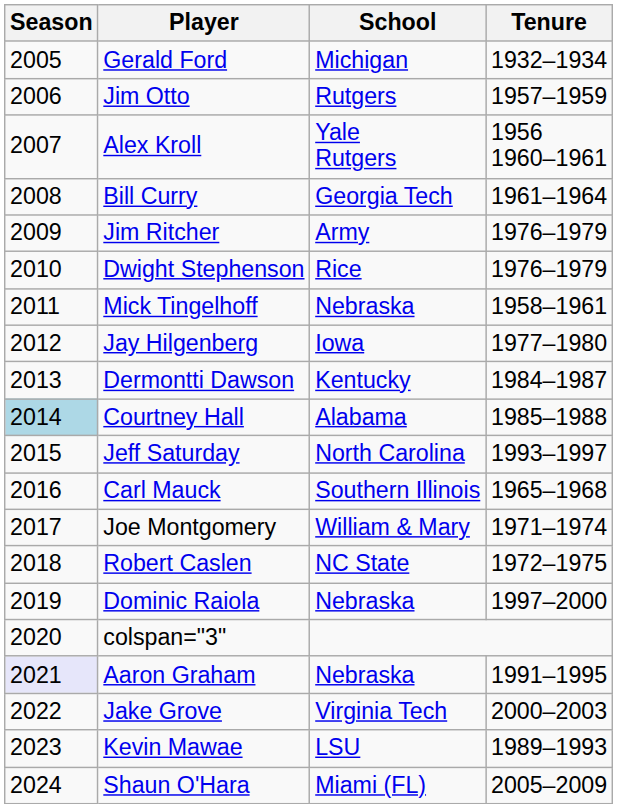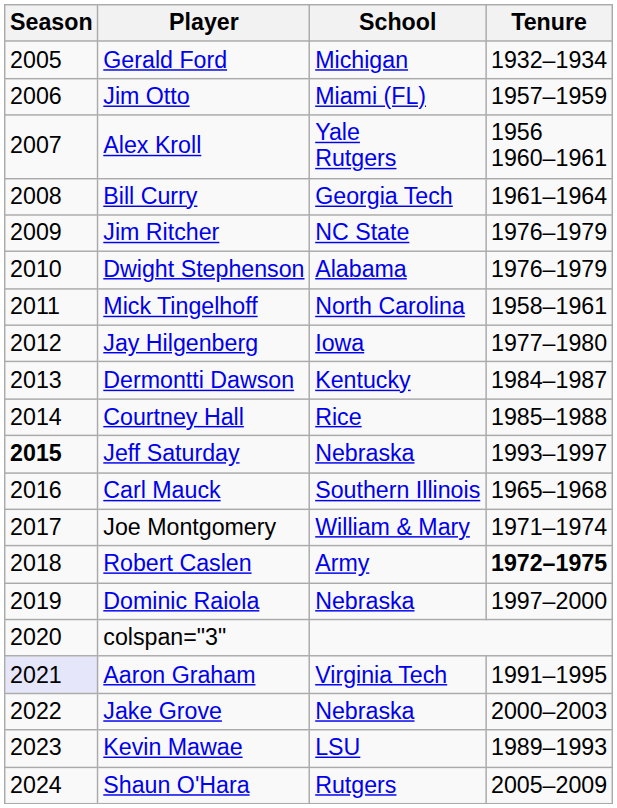 <table class="wikitable">
 <tr>
 <th bgcolor="#e5e5e5">Season</th>
 <th bgcolor="#e5e5e5">Player</th>
 <th bgcolor="#e5e5e5">School</th>
 <th bgcolor="#e5e5e5">Tenure</th>
 </tr>
 <tr>
 <td>2005</td>
 <td><a href='#'>Gerald Ford</a></td>
 <td><a href='#'>Michigan</a></td>
 <td>1932–1934</td>
 </tr>
 <tr>
 <td>2006</td>
 <td><a href='#'>Jim Otto</a></td>
-<td><a href='#'>Rutgers</a></td>
+<td><a href='#'>Miami (FL)</a></td>
 <td>1957–1959</td>
 </tr>
 <tr>
 <td>2007</td>
 <td><a href='#'>Alex Kroll</a></td>
 <td><a href='#'>Yale</a> <br> <a href='#'>Rutgers</a></td>
 <td>1956 <br> 1960–1961</td>
 </tr>
 <tr>
 <td>2008</td>
 <td><a href='#'>Bill Curry</a></td>
 <td><a href='#'>Georgia Tech</a></td>
 <td>1961–1964</td>
 </tr>
 <tr>
 <td>2009</td>
 <td><a href='#'>Jim Ritcher</a></td>
-<td><a href='#'>Army</a></td>
+<td><a href='#'>NC State</a></td>
 <td>1976–1979</td>
 </tr>
 <tr>
 <td>2010</td>
 <td><a href='#'>Dwight Stephenson</a></td>
-<td><a href='#'>Rice</a></td>
+<td><a href='#'>Alabama</a></td>
 <td>1976–1979</td>
 </tr>
 <tr>
 <td>2011</td>
 <td><a href='#'>Mick Tingelhoff</a></td>
-<td><a href='#'>Nebraska</a></td>
+<td><a href='#'>North Carolina</a></td>
 <td>1958–1961</td>
 </tr>
 <tr>
 <td>2012</td>
 <td><a href='#'>Jay Hilgenberg</a></td>
 <td><a href='#'>Iowa</a></td>
 <td>1977–1980</td>
 </tr>
 <tr>
 <td>2013</td>
 <td><a href='#'>Dermontti Dawson</a></td>
 <td><a href='#'>Kentucky</a></td>
 <td>1984–1987</td>
 </tr>
 <tr>
-<td style="background: lightblue;">2014</td>
+<td>2014</td>
 <td><a href='#'>Courtney Hall</a></td>
-<td><a href='#'>Alabama</a></td>
+<td><a href='#'>Rice</a></td>
 <td>1985–1988</td>
 </tr>
 <tr>
-<td>2015</td>
+<td><strong>2015</strong></td>
 <td><a href='#'>Jeff Saturday</a></td>
-<td><a href='#'>North Carolina</a></td>
+<td><a href='#'>Nebraska</a></td>
 <td>1993–1997</td>
 </tr>
 <tr>
 <td>2016</td>
 <td><a href='#'>Carl Mauck</a></td>
 <td><a href='#'>Southern Illinois</a></td>
 <td>1965–1968</td>
 </tr>
 <tr>
 <td>2017</td>
 <td>Joe Montgomery</td>
 <td><a href='#'>William & Mary</a></td>
 <td>1971–1974</td>
 </tr>
 <tr>
 <td>2018</td>
 <td><a href='#'>Robert Caslen</a></td>
-<td><a href='#'>NC State</a></td>
-<td>1972–1975</td>
+<td><a href='#'>Army</a></td>
+<td><strong>1972–1975</strong></td>
 </tr>
 <tr>
 <td>2019</td>
 <td><a href='#'>Dominic Raiola</a></td>
 <td><a href='#'>Nebraska</a></td>
 <td>1997–2000</td>
 </tr>
 <tr>
 <td>2020</td>
 <td>colspan="3" </td>
 </tr>
 <tr>
 <td style="background: lavender;">2021</td>
 <td><a href='#'>Aaron Graham</a></td>
-<td><a href='#'>Nebraska</a></td>
+<td><a href='#'>Virginia Tech</a></td>
 <td>1991–1995</td>
 </tr>
 <tr>
 <td>2022</td>
 <td><a href='#'>Jake Grove</a></td>
-<td><a href='#'>Virginia Tech</a></td>
+<td><a href='#'>Nebraska</a></td>
 <td>2000–2003</td>
 </tr>
 <tr>
 <td>2023</td>
 <td><a href='#'>Kevin Mawae</a></td>
 <td><a href='#'>LSU</a></td>
 <td>1989–1993</td>
 </tr>
 <tr>
 <td>2024</td>
 <td><a href='#'>Shaun O'Hara</a></td>
-<td><a href='#'>Miami (FL)</a></td>
+<td><a href='#'>Rutgers</a></td>
 <td>2005–2009</td>
 </tr>
 </table>
